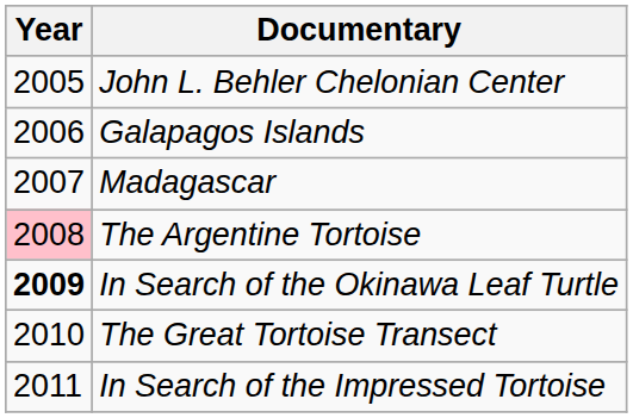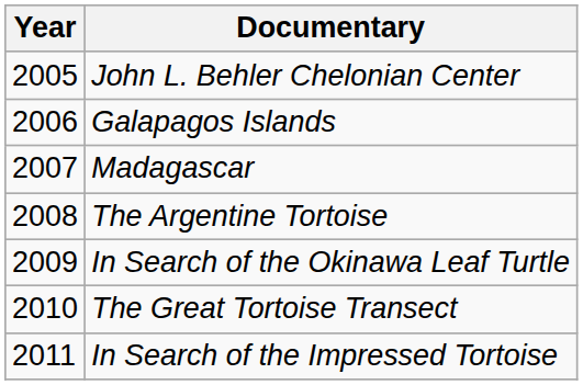 <table class="wikitable">
 <tr>
 <th>Year</th>
 <th>Documentary</th>
 </tr>
 <tr>
 <td>2005</td>
 <td><em>John L. Behler Chelonian Center</em></td>
 </tr>
 <tr>
 <td>2006</td>
 <td><em>Galapagos Islands</em></td>
 </tr>
 <tr>
 <td>2007</td>
 <td><em>Madagascar</em></td>
 </tr>
 <tr>
-<td style="background: pink;">2008</td>
+<td>2008</td>
 <td><em>The Argentine Tortoise</em></td>
 </tr>
 <tr>
-<td><strong>2009</strong></td>
+<td>2009</td>
 <td><em>In Search of the Okinawa Leaf Turtle</em></td>
 </tr>
 <tr>
 <td>2010</td>
 <td><em>The Great Tortoise Transect</em></td>
 </tr>
 <tr>
 <td>2011</td>
 <td><em>In Search of the Impressed Tortoise</em></td>
 </tr>
 </table>
